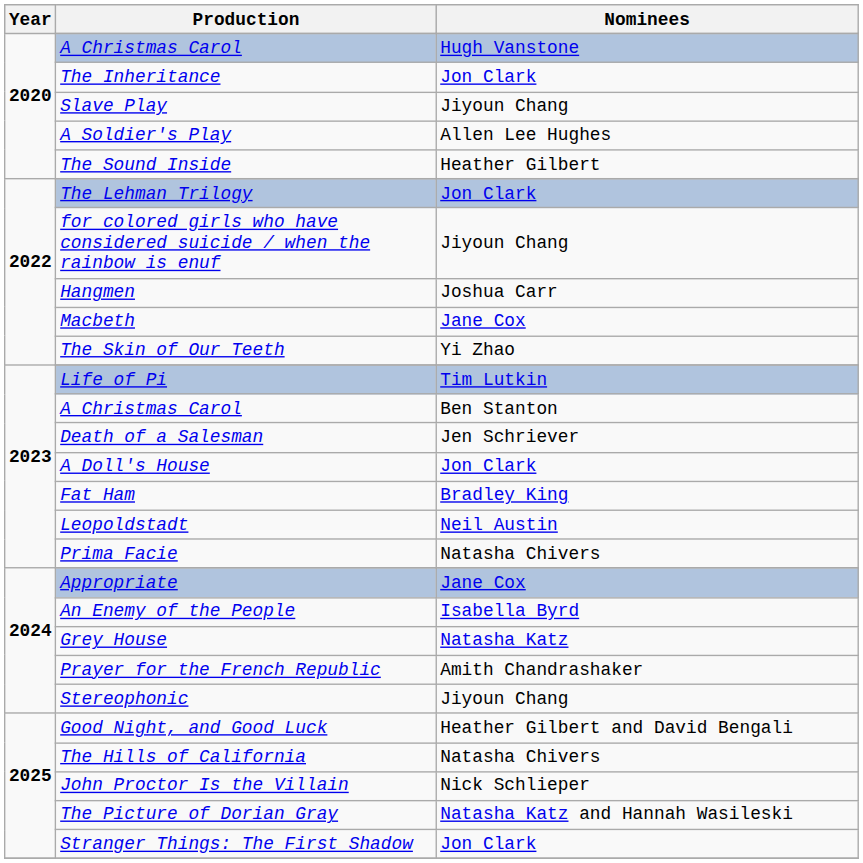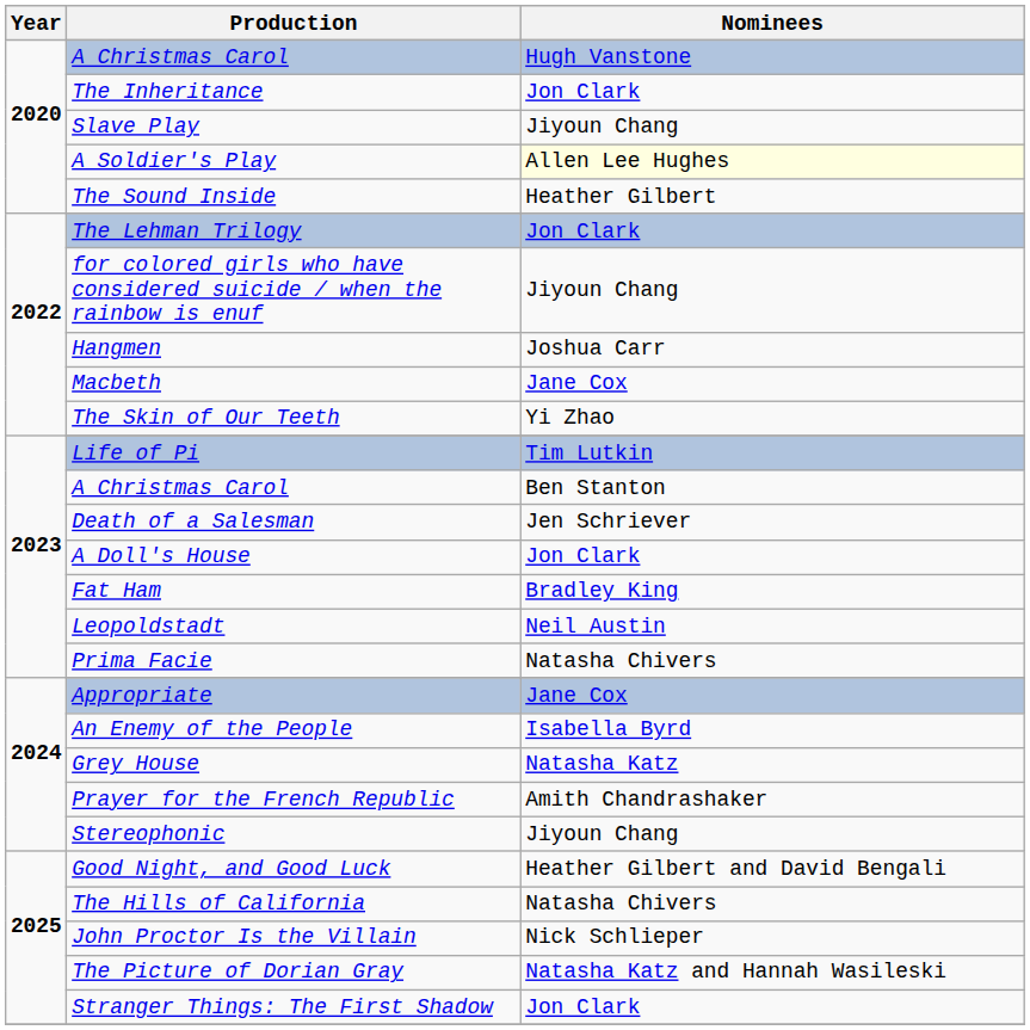 <table class="wikitable" style="width:100%;">
 <tr style="background:#bebebe;">
 <th style="width:5%;">Year</th>
 <th style="width:45%;”">Production</th>
 <th style="width:50%;”">Nominees</th>
 </tr>
 <tr>
 <td rowspan="6" align="center"><strong>2020</strong><br><br></td>
 </tr>
 <tr style="background:#B0C4DE">
 <td><em><a href='#'>A Christmas Carol</a></em></td>
 <td><a href='#'>Hugh Vanstone</a></td>
 </tr>
 <tr>
 <td><em><a href='#'>The Inheritance</a></em></td>
 <td><a href='#'>Jon Clark</a></td>
 </tr>
 <tr>
 <td><em><a href='#'>Slave Play</a></em></td>
 <td>Jiyoun Chang</td>
 </tr>
 <tr>
 <td><em><a href='#'>A Soldier's Play</a></em></td>
-<td>Allen Lee Hughes</td>
+<td style="background: lightyellow;">Allen Lee Hughes</td>
 </tr>
 <tr>
 <td><em><a href='#'>The Sound Inside</a></em></td>
 <td>Heather Gilbert</td>
 </tr>
 <tr>
 <td rowspan="6" align="center"><strong>2022</strong><br><br></td>
 </tr>
 <tr style="background:#B0C4DE">
 <td><em><a href='#'>The Lehman Trilogy</a></em></td>
 <td><a href='#'>Jon Clark</a></td>
 </tr>
 <tr>
 <td><em><a href='#'>for colored girls who have considered suicide / when the rainbow is enuf</a></em></td>
 <td>Jiyoun Chang</td>
 </tr>
 <tr>
 <td><em><a href='#'>Hangmen</a></em></td>
 <td>Joshua Carr</td>
 </tr>
 <tr>
 <td><em><a href='#'>Macbeth</a></em></td>
 <td><a href='#'>Jane Cox</a></td>
 </tr>
 <tr>
 <td><em><a href='#'>The Skin of Our Teeth</a></em></td>
 <td>Yi Zhao</td>
 </tr>
 <tr>
 <td rowspan="8" align="center"><strong>2023</strong><br><br></td>
 </tr>
 <tr style="background:#B0C4DE">
 <td><em><a href='#'>Life of Pi</a></em></td>
 <td><a href='#'>Tim Lutkin</a></td>
 </tr>
 <tr>
 <td><em><a href='#'>A Christmas Carol</a></em></td>
 <td>Ben Stanton</td>
 </tr>
 <tr>
 <td><em><a href='#'>Death of a Salesman</a></em></td>
 <td>Jen Schriever</td>
 </tr>
 <tr>
 <td><em><a href='#'>A Doll's House</a></em></td>
 <td><a href='#'>Jon Clark</a></td>
 </tr>
 <tr>
 <td><em><a href='#'>Fat Ham</a></em></td>
 <td><a href='#'>Bradley King</a></td>
 </tr>
 <tr>
 <td><em><a href='#'>Leopoldstadt</a></em></td>
 <td><a href='#'>Neil Austin</a></td>
 </tr>
 <tr>
 <td><em><a href='#'>Prima Facie</a></em></td>
 <td>Natasha Chivers</td>
 </tr>
 <tr>
 <td rowspan="6" align="center"><strong>2024</strong><br><br></td>
 </tr>
 <tr style="background:#B0C4DE">
 <td><em><a href='#'>Appropriate</a></em></td>
 <td><a href='#'>Jane Cox</a></td>
 </tr>
 <tr>
 <td><em><a href='#'>An Enemy of the People</a></em></td>
 <td><a href='#'>Isabella Byrd</a></td>
 </tr>
 <tr>
 <td><em><a href='#'>Grey House</a></em></td>
 <td><a href='#'>Natasha Katz</a></td>
 </tr>
 <tr>
 <td><em><a href='#'>Prayer for the French Republic</a></em></td>
 <td>Amith Chandrashaker</td>
 </tr>
 <tr>
 <td><em><a href='#'>Stereophonic</a></em></td>
 <td>Jiyoun Chang</td>
 </tr>
 <tr>
 <td rowspan="5"><strong>2025</strong><br><br></td>
 <td><em><a href='#'>Good Night, and Good Luck</a></em></td>
 <td>Heather Gilbert and David Bengali</td>
 </tr>
 <tr>
 <td><a href='#'><em>The Hills of California</em></a></td>
 <td>Natasha Chivers</td>
 </tr>
 <tr>
 <td><a href='#'><em>John Proctor Is the Villain</em></a></td>
 <td>Nick Schlieper</td>
 </tr>
 <tr>
 <td><a href='#'><em>The Picture of Dorian Gray</em></a></td>
 <td><a href='#'>Natasha Katz</a> and Hannah Wasileski</td>
 </tr>
 <tr>
 <td><a href='#'><em>Stranger Things: The First Shadow</em></a></td>
 <td><a href='#'>Jon Clark</a></td>
 </tr>
 <tr>
 </tr>
 </table>
